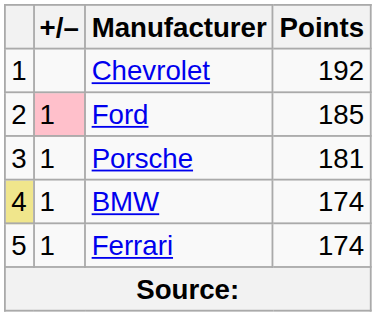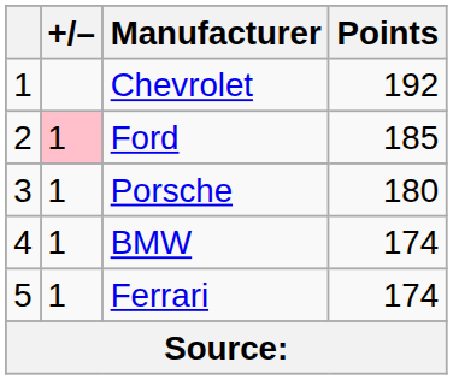 <table class="wikitable" style="font-size: 95%;">
 <tr>
 <th scope="col"></th>
 <th scope="col">+/–</th>
 <th scope="col">Manufacturer</th>
 <th scope="col">Points</th>
 </tr>
 <tr>
 <td align=center>1</td>
 <td align="left"></td>
 <td> <a href='#'>Chevrolet</a></td>
 <td align=right>192</td>
 </tr>
 <tr>
 <td align=center>2</td>
 <td align="left" style="background: pink;"> 1</td>
 <td> <a href='#'>Ford</a></td>
 <td align=right>185</td>
 </tr>
 <tr>
 <td align=center>3</td>
 <td align="left"> 1</td>
 <td> <a href='#'>Porsche</a></td>
-<td align=right>181</td>
+<td align=right>180</td>
 </tr>
 <tr>
-<td align=center style="background: khaki;">4</td>
+<td align=center>4</td>
 <td align="left"> 1</td>
 <td> <a href='#'>BMW</a></td>
 <td align=right>174</td>
 </tr>
 <tr>
 <td align=center>5</td>
 <td align="left"> 1</td>
 <td> <a href='#'>Ferrari</a></td>
 <td align=right>174</td>
 </tr>
 <tr>
 <th colspan=5>Source:</th>
 </tr>
 </table>
